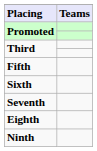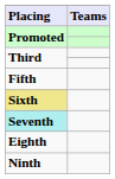 <table class=wikitable>
 <tr>
 </tr>
 <tr style="background: #E6E6FA;">
 <td><strong>Placing</strong></td>
 <td colspan="2" style="text-align:center"><strong>Teams</strong></td>
 </tr>
 <tr style="background: #ccffcc;">
 <td rowspan="2"><strong>Promoted</strong></td>
 <td><strong></strong></td>
 </tr>
 <tr style="background: #ccffcc;">
 <td><strong></strong></td>
 </tr>
 <tr>
 <td rowspan="2"><strong>Third</strong></td>
 <td></td>
 </tr>
 <tr>
 <td></td>
 </tr>
 <tr>
 <td><strong>Fifth</strong></td>
 <td></td>
 </tr>
 <tr>
-<td><strong>Sixth</strong></td>
+<td style="background: khaki;"><strong>Sixth</strong></td>
 <td></td>
 </tr>
 <tr>
-<td><strong>Seventh</strong></td>
+<td style="background: paleturquoise;"><strong>Seventh</strong></td>
 <td></td>
 </tr>
 <tr>
 <td><strong>Eighth</strong></td>
 <td></td>
 </tr>
 <tr>
 <td><strong>Ninth</strong></td>
 <td></td>
 </tr>
 </table>
